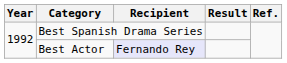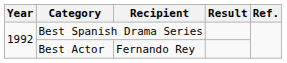 <table class = "wikitable sortable">
 <tr>
 <th>Year</th>
 <th>Category</th>
 <th>Recipient</th>
 <th>Result</th>
 <th>Ref.</th>
 </tr>
 <tr>
 <td rowspan=2>1992</td>
 <td colspan=2>Best Spanish Drama Series</td>
 <td></td>
 <td rowspan=2></td>
 </tr>
 <tr>
 <td>Best Actor</td>
-<td style="background: lavender;">Fernando Rey</td>
+<td>Fernando Rey</td>
 <td></td>
 </tr>
 </table>
